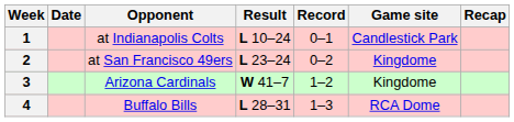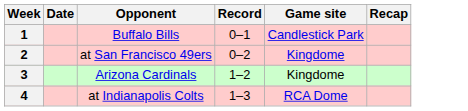 <table class="wikitable" style="text-align:center">
 <tr>
 <th>Week</th>
 <th>Date</th>
 <th>Opponent</th>
-<th>Result</th>
 <th>Record</th>
 <th>Game site</th>
 <th>Recap</th>
 </tr>
 <tr style="background:#fcc">
 <th>1</th>
 <td></td>
-<td>at <a href='#'>Indianapolis Colts</a></td>
-<td><strong>L</strong> 10–24</td>
+<td><a href='#'>Buffalo Bills</a></td>
 <td>0–1</td>
 <td><a href='#'>Candlestick Park</a></td>
 <td></td>
 </tr>
 <tr style="background:#fcc">
 <th>2</th>
 <td></td>
 <td>at <a href='#'>San Francisco 49ers</a></td>
-<td><strong>L</strong> 23–24</td>
 <td>0–2</td>
 <td><a href='#'>Kingdome</a></td>
 <td></td>
 </tr>
 <tr style="background:#cfc">
 <th>3</th>
 <td></td>
 <td><a href='#'>Arizona Cardinals</a></td>
-<td><strong>W</strong> 41–7</td>
 <td>1–2</td>
 <td>Kingdome</td>
 <td></td>
 </tr>
 <tr style="background:#fcc">
 <th>4</th>
 <td></td>
-<td><a href='#'>Buffalo Bills</a></td>
-<td><strong>L</strong> 28–31</td>
+<td>at <a href='#'>Indianapolis Colts</a></td>
 <td>1–3</td>
 <td><a href='#'>RCA Dome</a></td>
 <td></td>
 </tr>
 </table>
